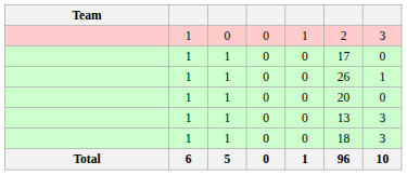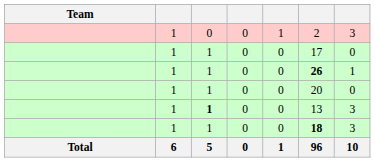 <table class="wikitable" style="font-size:95%; text-align:center">
 <tr>
 <th width=192>Team</th>
 <th width=40></th>
 <th width=40></th>
 <th width=40></th>
 <th width=40></th>
 <th width=40></th>
 <th width=40></th>
 </tr>
 <tr style="background:#FFCCCC;">
 <td align=left></td>
 <td>1</td>
 <td>0</td>
 <td>0</td>
 <td>1</td>
 <td>2</td>
 <td>3</td>
 </tr>
 <tr style="background:#CCFFCC;">
 <td align=left></td>
 <td>1</td>
 <td>1</td>
 <td>0</td>
 <td>0</td>
 <td>17</td>
 <td>0</td>
 </tr>
 <tr style="background:#CCFFCC;">
 <td align=left></td>
 <td>1</td>
 <td>1</td>
 <td>0</td>
 <td>0</td>
-<td>26</td>
+<td><strong>26</strong></td>
 <td>1</td>
 </tr>
 <tr style="background:#CCFFCC;">
 <td align=left></td>
 <td>1</td>
 <td>1</td>
 <td>0</td>
 <td>0</td>
 <td>20</td>
 <td>0</td>
 </tr>
 <tr style="background:#CCFFCC;">
 <td align=left></td>
 <td>1</td>
-<td>1</td>
+<td><strong>1</strong></td>
 <td>0</td>
 <td>0</td>
 <td>13</td>
 <td>3</td>
 </tr>
 <tr style="background:#CCFFCC;">
 <td align=left></td>
 <td>1</td>
 <td>1</td>
 <td>0</td>
 <td>0</td>
-<td>18</td>
+<td><strong>18</strong></td>
 <td>3</td>
 </tr>
 <tr>
 <th>Total</th>
 <th>6</th>
 <th>5</th>
 <th>0</th>
 <th>1</th>
 <th>96</th>
 <th>10</th>
 </tr>
 </table>
